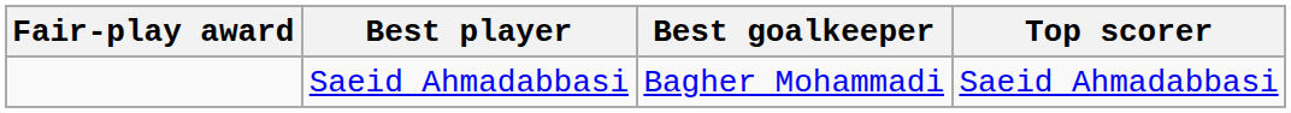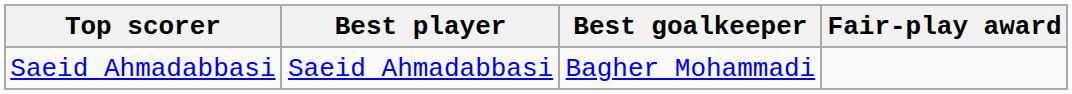 <table class="wikitable" style="text-align: center; margin: 0 auto;">
 <tr>
-<th>Fair-play award</th>
+<th>Top scorer</th>
 <th>Best player</th>
 <th>Best goalkeeper</th>
-<th>Top scorer</th>
+<th>Fair-play award</th>
 </tr>
 <tr>
-<td></td>
+<td> <a href='#'>Saeid Ahmadabbasi</a></td>
 <td> <a href='#'>Saeid Ahmadabbasi</a></td>
 <td> <a href='#'>Bagher Mohammadi</a></td>
-<td> <a href='#'>Saeid Ahmadabbasi</a></td>
+<td></td>
 </tr>
 </table>
